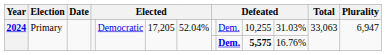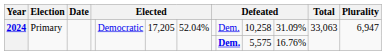 <table class="wikitable">
 <tr>
 <th>Year</th>
 <th>Election</th>
 <th>Date</th>
 <th colspan="4">Elected</th>
 <th colspan="4">Defeated</th>
 <th>Total</th>
 <th>Plurality</th>
 </tr>
 <tr>
 <th rowspan="2" valign="top"><a href='#'>2024</a></th>
 <td rowspan="2" valign="top">Primary</td>
 <td rowspan="2" valign="top"></td>
 <td rowspan="2" valign="top"></td>
 <td valign="top" rowspan="2" ><a href='#'>Democratic</a></td>
 <td rowspan="2" align="right" valign="top">17,205</td>
 <td rowspan="2" align="right" valign="top">52.04%</td>
 <td valign="top"></td>
 <td valign="top" ><a href='#'>Dem.</a></td>
-<td align="right" valign="top">10,255</td>
-<td align="right" valign="top">31.03%</td>
+<td align="right" valign="top">10,258</td>
+<td align="right" valign="top">31.09%</td>
 <td rowspan="2" align="right" valign="top">33,063</td>
 <td rowspan="2" align="right" valign="top">6,947</td>
 </tr>
 <tr>
 <td valign="top"></td>
 <td valign="top" ><strong><a href='#'>Dem.</a></strong></td>
-<td align="right" valign="top"><strong>5,575</strong></td>
+<td align="right" valign="top">5,575</td>
 <td align="right" valign="top">16.76%</td>
 </tr>
 </table>
